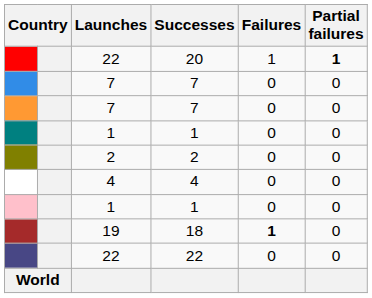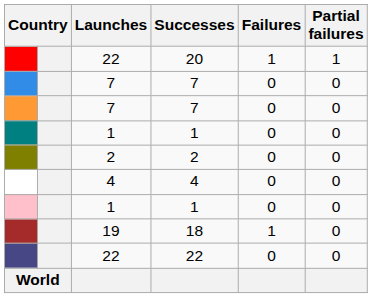 <table class="wikitable sortable" style="text-align:center;">
 <tr>
 <th colspan=2>Country</th>
 <th>Launches</th>
 <th>Successes</th>
 <th>Failures</th>
 <th>Partial <br> failures</th>
 </tr>
 <tr>
 <th style="background:#ff0000;"></th>
 <th style="text-align:left;"></th>
 <td>22</td>
 <td>20</td>
 <td>1</td>
-<td><strong>1</strong></td>
+<td>1</td>
 </tr>
 <tr>
 <th style="background:#318ce7;"></th>
 <th style="text-align:left;"></th>
 <td>7</td>
 <td>7</td>
 <td>0</td>
 <td>0</td>
 </tr>
 <tr>
 <th style="background:#ff9933;"></th>
 <th style="text-align:left;"></th>
 <td>7</td>
 <td>7</td>
 <td>0</td>
 <td>0</td>
 </tr>
 <tr>
 <th style="background:#008080;"></th>
 <th style="text-align:left;"></th>
 <td>1</td>
 <td>1</td>
 <td>0</td>
 <td>0</td>
 </tr>
 <tr>
 <th style="background:#808000;"></th>
 <th style="text-align:left;"></th>
 <td>2</td>
 <td>2</td>
 <td>0</td>
 <td>0</td>
 </tr>
 <tr>
 <th style="background:#ffffff;"></th>
 <th style="text-align:left;"></th>
 <td>4</td>
 <td>4</td>
 <td>0</td>
 <td>0</td>
 </tr>
 <tr>
 <th style="background:#ffc0cb;"></th>
 <th style="text-align:left;"></th>
 <td>1</td>
 <td>1</td>
 <td>0</td>
 <td>0</td>
 </tr>
 <tr>
 <th style="background:#a52a2a;"></th>
 <th style="text-align:left;"></th>
 <td>19</td>
 <td>18</td>
-<td><strong>1</strong></td>
+<td>1</td>
 <td>0</td>
 </tr>
 <tr>
 <th style="background:#484785;"></th>
 <th style="text-align:left;"></th>
 <td>22</td>
 <td>22</td>
 <td>0</td>
 <td>0</td>
 </tr>
 <tr class="sortbottom">
 <th colspan="2">World</th>
 <th></th>
 <th></th>
 <th></th>
 <th></th>
 </tr>
 </table>
